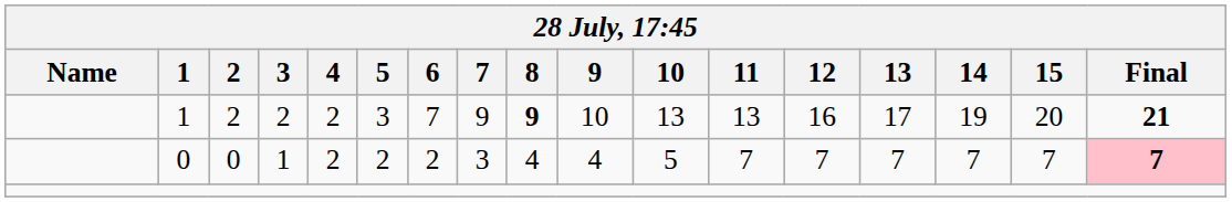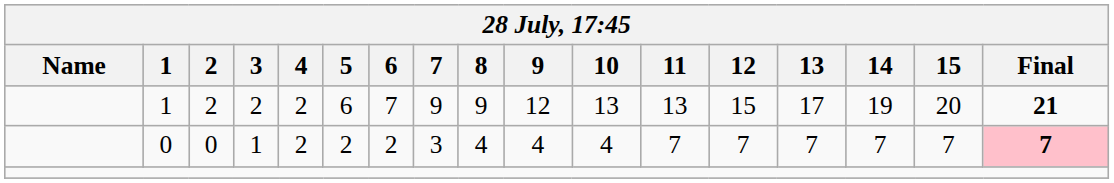 <table class=wikitable style="text-align:center; width: 55%">
 <tr>
 <th colspan=17><em>28 July, 17:45</em></th>
 </tr>
 <tr>
 <th>Name</th>
 <th>1</th>
 <th>2</th>
 <th>3</th>
 <th>4</th>
 <th>5</th>
 <th>6</th>
 <th>7</th>
 <th>8</th>
 <th>9</th>
 <th>10</th>
 <th>11</th>
 <th>12</th>
 <th>13</th>
 <th>14</th>
 <th>15</th>
 <th>Final</th>
 </tr>
 <tr>
 <td align=left><strong></strong></td>
 <td>1</td>
 <td>2</td>
 <td>2</td>
 <td>2</td>
-<td>3</td>
+<td>6</td>
 <td>7</td>
 <td>9</td>
-<td><strong>9</strong></td>
-<td>10</td>
+<td>9</td>
+<td>12</td>
 <td>13</td>
 <td>13</td>
-<td>16</td>
+<td>15</td>
 <td>17</td>
 <td>19</td>
 <td>20</td>
 <td><strong>21</strong></td>
 </tr>
 <tr>
 <td align=left></td>
 <td>0</td>
 <td>0</td>
 <td>1</td>
 <td>2</td>
 <td>2</td>
 <td>2</td>
 <td>3</td>
 <td>4</td>
 <td>4</td>
-<td>5</td>
+<td>4</td>
 <td>7</td>
 <td>7</td>
 <td>7</td>
 <td>7</td>
 <td>7</td>
 <td style="background: pink;"><strong>7</strong></td>
 </tr>
 <tr>
 <td colspan=17></td>
 </tr>
 </table>
